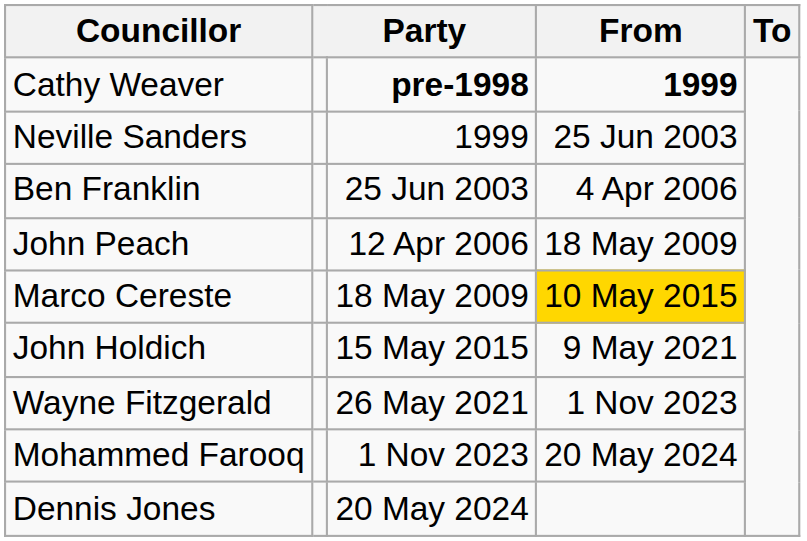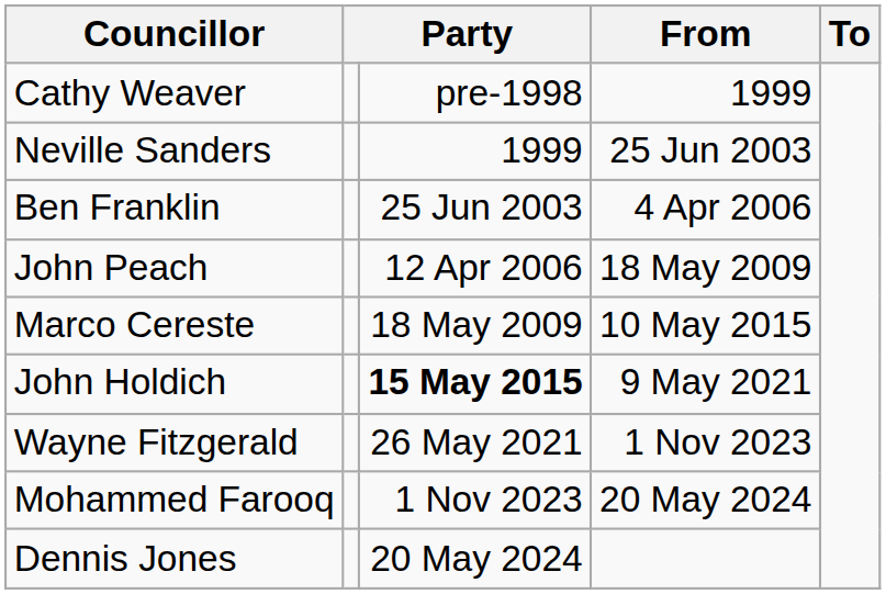 <table class=wikitable>
 <tr>
 <th>Councillor</th>
 <th colspan=2>Party</th>
 <th>From</th>
 <th>To</th>
 </tr>
 <tr>
 <td>Cathy Weaver</td>
 <td></td>
-<td align=right><strong>pre-1998</strong></td>
-<td align=right><strong>1999</strong></td>
+<td align=right>pre-1998</td>
+<td align=right>1999</td>
 </tr>
 <tr>
 <td>Neville Sanders</td>
 <td></td>
 <td align=right>1999</td>
 <td align=right>25 Jun 2003</td>
 </tr>
 <tr>
 <td>Ben Franklin</td>
 <td></td>
 <td align=right>25 Jun 2003</td>
 <td align=right>4 Apr 2006</td>
 </tr>
 <tr>
 <td>John Peach</td>
 <td></td>
 <td align=right>12 Apr 2006</td>
 <td align=right>18 May 2009</td>
 </tr>
 <tr>
 <td>Marco Cereste</td>
 <td></td>
 <td align=right>18 May 2009</td>
-<td align=right style="background: gold;">10 May 2015</td>
+<td align=right>10 May 2015</td>
 </tr>
 <tr>
 <td>John Holdich</td>
 <td></td>
-<td align=right>15 May 2015</td>
+<td align=right><strong>15 May 2015</strong></td>
 <td align=right>9 May 2021</td>
 </tr>
 <tr>
 <td>Wayne Fitzgerald</td>
 <td></td>
 <td align=right>26 May 2021</td>
 <td align=right>1 Nov 2023</td>
 </tr>
 <tr>
 <td>Mohammed Farooq</td>
 <td></td>
 <td align=right>1 Nov 2023</td>
 <td align=right>20 May 2024</td>
 </tr>
 <tr>
 <td>Dennis Jones</td>
 <td></td>
 <td align=right>20 May 2024</td>
 <td align=right></td>
 </tr>
 </table>
